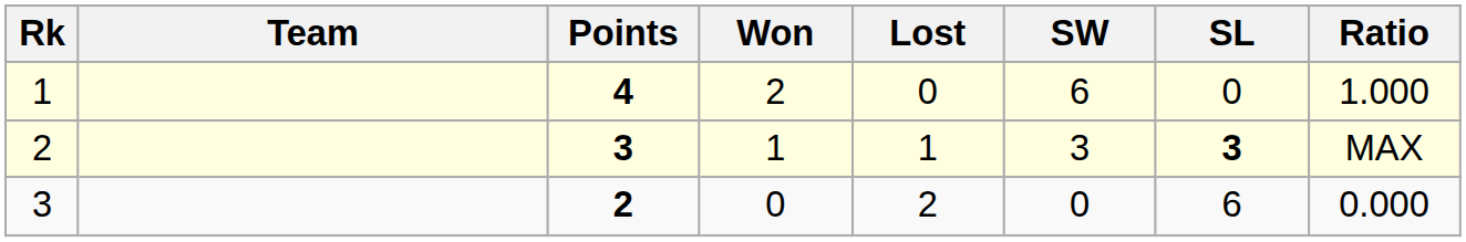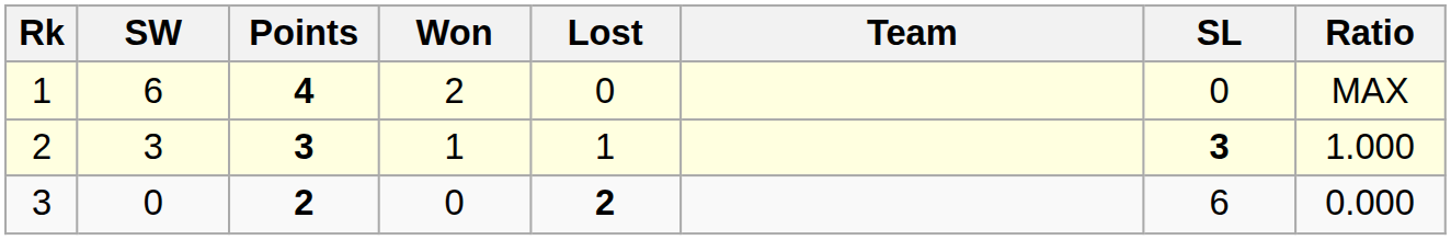 <table class=wikitable style="text-align:center">
 <tr bgcolor="#DCDCDC">
 <th width="25">Rk</th>
-<th width="200">Team</th>
+<th width="60">SW</th>
 <th width="60">Points</th>
 <th width="60">Won</th>
 <th width="60">Lost</th>
-<th width="60">SW</th>
+<th width="200">Team</th>
 <th width="60">SL</th>
 <th width="60">Ratio</th>
 </tr>
 <tr bgcolor=lightyellow>
 <td>1</td>
-<td align=left></td>
+<td>6</td>
 <td><strong>4</strong></td>
 <td>2</td>
 <td>0</td>
-<td>6</td>
+<td align=left></td>
 <td>0</td>
-<td>1.000</td>
+<td>MAX</td>
 </tr>
 <tr bgcolor=lightyellow>
 <td>2</td>
-<td align=left></td>
+<td>3</td>
 <td><strong>3</strong></td>
 <td>1</td>
 <td>1</td>
-<td>3</td>
+<td align=left></td>
 <td><strong>3</strong></td>
-<td>MAX</td>
+<td>1.000</td>
 </tr>
 <tr>
 <td>3</td>
-<td align=left></td>
+<td>0</td>
 <td><strong>2</strong></td>
 <td>0</td>
-<td>2</td>
-<td>0</td>
+<td><strong>2</strong></td>
+<td align=left></td>
 <td>6</td>
 <td>0.000</td>
 </tr>
 </table>
